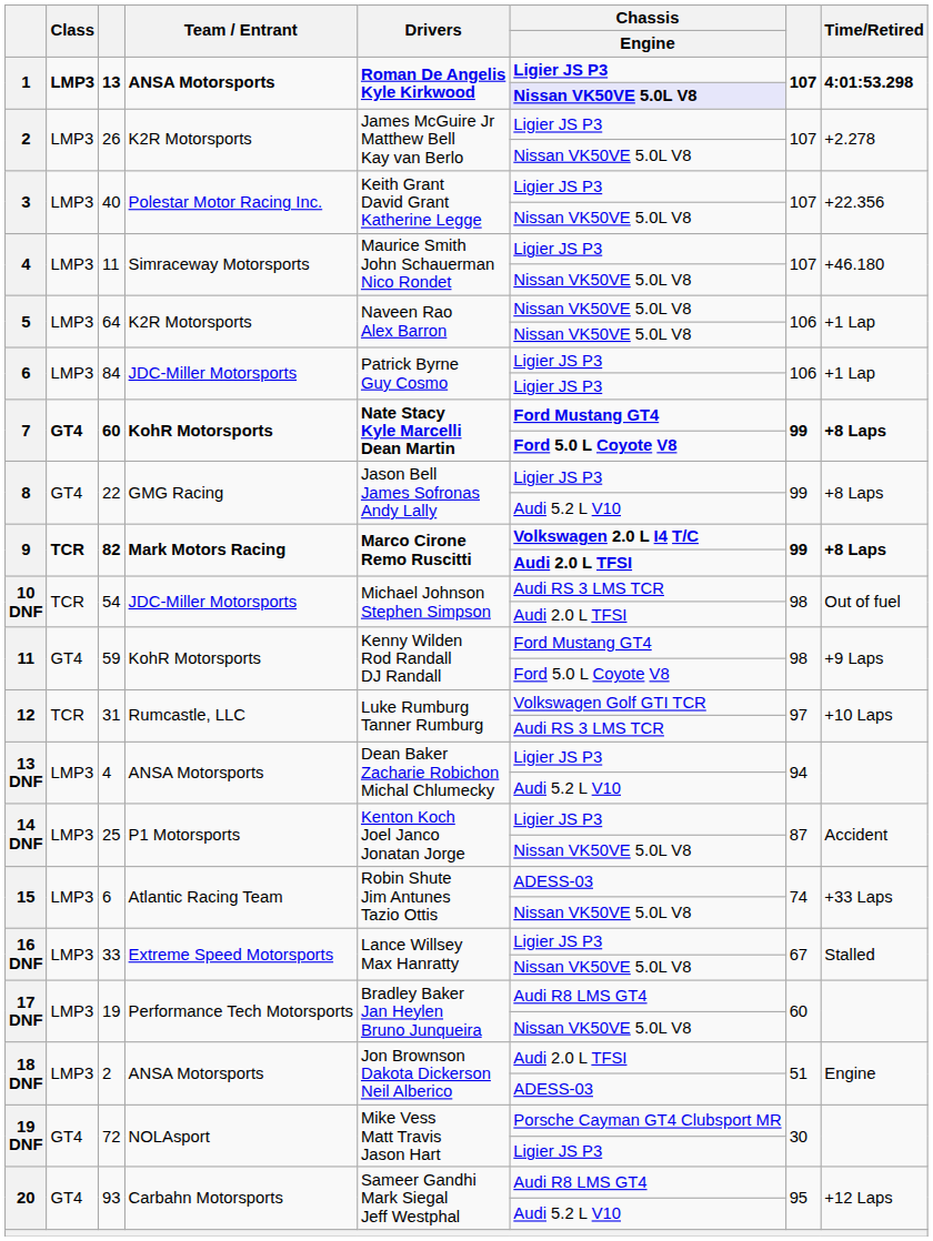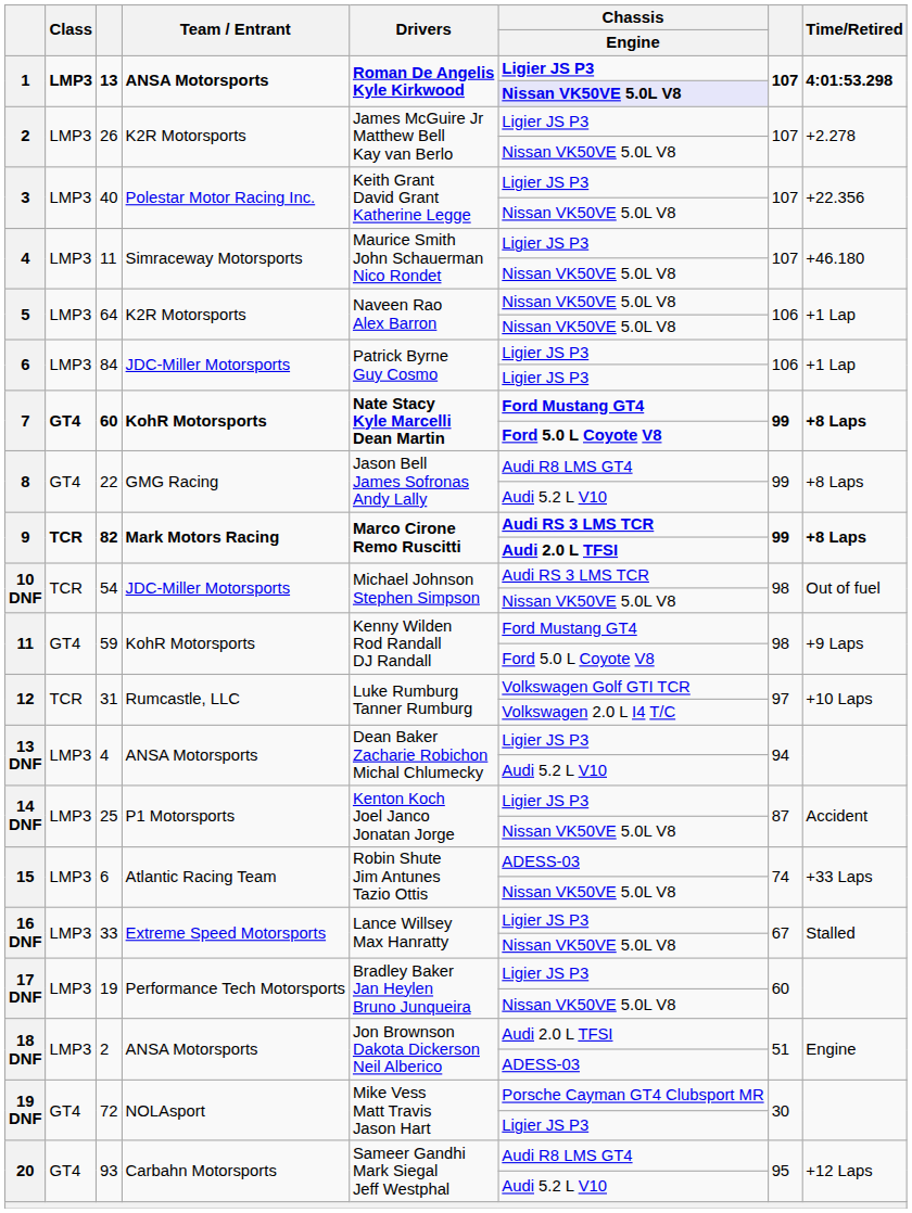 <table class="wikitable" style="font-size: 85%;">
 <tr>
 <th rowspan="2"></th>
 <th rowspan="2">Class</th>
 <th rowspan="2" class="unsortable"></th>
 <th rowspan="2" class="unsortable">Team / Entrant</th>
 <th rowspan="2" class="unsortable">Drivers</th>
 <th scope="col" class="unsortable">Chassis</th>
 <th rowspan="2" class="unsortable"></th>
 <th rowspan="2" class="unsortable">Time/Retired</th>
 </tr>
 <tr>
 <th>Engine</th>
 </tr>
 <tr style="font-weight:bold">
 <th rowspan=2>1</th>
 <td rowspan=2>LMP3</td>
 <td rowspan=2>13</td>
 <td rowspan=2> ANSA Motorsports</td>
 <td rowspan=2> <a href='#'>Roman De Angelis</a><br> <a href='#'>Kyle Kirkwood</a></td>
 <td><a href='#'>Ligier JS P3</a></td>
 <td rowspan=2>107</td>
 <td rowspan=2>4:01:53.298</td>
 </tr>
 <tr style="font-weight:bold">
 <td style="background: lavender;"><a href='#'>Nissan VK50VE</a> 5.0L V8</td>
 </tr>
 <tr>
 <th rowspan=2>2</th>
 <td rowspan=2>LMP3</td>
 <td rowspan=2>26</td>
 <td rowspan=2> K2R Motorsports</td>
 <td rowspan=2> James McGuire Jr<br> Matthew Bell<br> Kay van Berlo</td>
 <td><a href='#'>Ligier JS P3</a></td>
 <td rowspan=2>107</td>
 <td rowspan=2>+2.278</td>
 </tr>
 <tr>
 <td><a href='#'>Nissan VK50VE</a> 5.0L V8</td>
 </tr>
 <tr>
 <th rowspan=2>3</th>
 <td rowspan=2>LMP3</td>
 <td rowspan=2>40</td>
 <td rowspan=2> <a href='#'>Polestar Motor Racing Inc.</a></td>
 <td rowspan=2> Keith Grant<br> David Grant<br> <a href='#'>Katherine Legge</a></td>
 <td><a href='#'>Ligier JS P3</a></td>
 <td rowspan=2>107</td>
 <td rowspan=2>+22.356</td>
 </tr>
 <tr>
 <td><a href='#'>Nissan VK50VE</a> 5.0L V8</td>
 </tr>
 <tr>
 <th rowspan=2>4</th>
 <td rowspan=2>LMP3</td>
 <td rowspan=2>11</td>
 <td rowspan=2> Simraceway Motorsports</td>
 <td rowspan=2> Maurice Smith<br> John Schauerman<br> <a href='#'>Nico Rondet</a></td>
 <td><a href='#'>Ligier JS P3</a></td>
 <td rowspan=2>107</td>
 <td rowspan=2>+46.180</td>
 </tr>
 <tr>
 <td><a href='#'>Nissan VK50VE</a> 5.0L V8</td>
 </tr>
 <tr>
 <th rowspan=2>5</th>
 <td rowspan=2>LMP3</td>
 <td rowspan=2>64</td>
 <td rowspan=2> K2R Motorsports</td>
 <td rowspan=2> Naveen Rao<br> <a href='#'>Alex Barron</a></td>
 <td><a href='#'>Nissan VK50VE</a> 5.0L V8</td>
 <td rowspan=2>106</td>
 <td rowspan=2>+1 Lap</td>
 </tr>
 <tr>
 <td><a href='#'>Nissan VK50VE</a> 5.0L V8</td>
 </tr>
 <tr>
 <th rowspan=2>6</th>
 <td rowspan=2>LMP3</td>
 <td rowspan=2>84</td>
 <td rowspan=2> <a href='#'>JDC-Miller Motorsports</a></td>
 <td rowspan=2> Patrick Byrne<br> <a href='#'>Guy Cosmo</a></td>
 <td><a href='#'>Ligier JS P3</a></td>
 <td rowspan=2>106</td>
 <td rowspan=2>+1 Lap</td>
 </tr>
 <tr>
 <td><a href='#'>Ligier JS P3</a></td>
 </tr>
 <tr style="font-weight:bold">
 <th rowspan=2>7</th>
 <td rowspan=2>GT4</td>
 <td rowspan=2>60</td>
 <td rowspan=2> KohR Motorsports</td>
 <td rowspan=2> Nate Stacy<br> <a href='#'>Kyle Marcelli</a><br> Dean Martin</td>
 <td><a href='#'>Ford Mustang GT4</a></td>
 <td rowspan=2>99</td>
 <td rowspan=2>+8 Laps</td>
 </tr>
 <tr style="font-weight:bold">
 <td><a href='#'>Ford</a> 5.0 L <a href='#'>Coyote</a> <a href='#'>V8</a></td>
 </tr>
 <tr>
 <th rowspan=2>8</th>
 <td rowspan=2>GT4</td>
 <td rowspan=2>22</td>
 <td rowspan=2> GMG Racing</td>
 <td rowspan=2> Jason Bell<br> <a href='#'>James Sofronas</a><br> <a href='#'>Andy Lally</a></td>
-<td><a href='#'>Ligier JS P3</a></td>
+<td><a href='#'>Audi R8 LMS GT4</a></td>
 <td rowspan=2>99</td>
 <td rowspan=2>+8 Laps</td>
 </tr>
 <tr>
 <td><a href='#'>Audi</a> 5.2 L <a href='#'>V10</a></td>
 </tr>
 <tr style="font-weight:bold">
 <th rowspan=2>9</th>
 <td rowspan=2>TCR</td>
 <td rowspan=2>82</td>
 <td rowspan=2> Mark Motors Racing</td>
 <td rowspan=2> Marco Cirone<br> Remo Ruscitti</td>
-<td><a href='#'>Volkswagen</a> 2.0 L <a href='#'>I4</a> <a href='#'>T/C</a></td>
+<td><a href='#'>Audi RS 3 LMS TCR</a></td>
 <td rowspan=2>99</td>
 <td rowspan=2>+8 Laps</td>
 </tr>
 <tr style="font-weight:bold">
 <td><a href='#'>Audi</a> 2.0 L <a href='#'>TFSI</a></td>
 </tr>
 <tr>
 <th rowspan=2>10<br>DNF</th>
 <td rowspan=2>TCR</td>
 <td rowspan=2>54</td>
 <td rowspan=2> <a href='#'>JDC-Miller Motorsports</a></td>
 <td rowspan=2> Michael Johnson<br> <a href='#'>Stephen Simpson</a></td>
 <td><a href='#'>Audi RS 3 LMS TCR</a></td>
 <td rowspan=2>98</td>
 <td rowspan=2>Out of fuel</td>
 </tr>
 <tr>
-<td><a href='#'>Audi</a> 2.0 L <a href='#'>TFSI</a></td>
+<td><a href='#'>Nissan VK50VE</a> 5.0L V8</td>
 </tr>
 <tr>
 <th rowspan=2>11</th>
 <td rowspan=2>GT4</td>
 <td rowspan=2>59</td>
 <td rowspan=2> KohR Motorsports</td>
 <td rowspan=2> Kenny Wilden<br> Rod Randall<br> DJ Randall</td>
 <td><a href='#'>Ford Mustang GT4</a></td>
 <td rowspan=2>98</td>
 <td rowspan=2>+9 Laps</td>
 </tr>
 <tr>
 <td><a href='#'>Ford</a> 5.0 L <a href='#'>Coyote</a> <a href='#'>V8</a></td>
 </tr>
 <tr>
 <th rowspan=2>12</th>
 <td rowspan=2>TCR</td>
 <td rowspan=2>31</td>
 <td rowspan=2> Rumcastle, LLC</td>
 <td rowspan=2> Luke Rumburg<br> Tanner Rumburg</td>
 <td><a href='#'>Volkswagen Golf GTI TCR</a></td>
 <td rowspan=2>97</td>
 <td rowspan=2>+10 Laps</td>
 </tr>
 <tr>
-<td><a href='#'>Audi RS 3 LMS TCR</a></td>
+<td><a href='#'>Volkswagen</a> 2.0 L <a href='#'>I4</a> <a href='#'>T/C</a></td>
 </tr>
 <tr>
 <th rowspan=2>13<br>DNF</th>
 <td rowspan=2>LMP3</td>
 <td rowspan=2>4</td>
 <td rowspan=2> ANSA Motorsports</td>
 <td rowspan=2> Dean Baker<br> <a href='#'>Zacharie Robichon</a><br> Michal Chlumecky</td>
 <td><a href='#'>Ligier JS P3</a></td>
 <td rowspan=2>94</td>
 <td rowspan=2></td>
 </tr>
 <tr>
 <td><a href='#'>Audi</a> 5.2 L <a href='#'>V10</a></td>
 </tr>
 <tr>
 <th rowspan=2>14<br>DNF</th>
 <td rowspan=2>LMP3</td>
 <td rowspan=2>25</td>
 <td rowspan=2> P1 Motorsports</td>
 <td rowspan=2> <a href='#'>Kenton Koch</a><br> Joel Janco<br> Jonatan Jorge</td>
 <td><a href='#'>Ligier JS P3</a></td>
 <td rowspan=2>87</td>
 <td rowspan=2>Accident</td>
 </tr>
 <tr>
 <td><a href='#'>Nissan VK50VE</a> 5.0L V8</td>
 </tr>
 <tr>
 <th rowspan=2>15</th>
 <td rowspan=2>LMP3</td>
 <td rowspan=2>6</td>
 <td rowspan=2> Atlantic Racing Team</td>
 <td rowspan=2> Robin Shute<br> Jim Antunes<br> Tazio Ottis</td>
 <td><a href='#'>ADESS-03</a></td>
 <td rowspan=2>74</td>
 <td rowspan=2>+33 Laps</td>
 </tr>
 <tr>
 <td><a href='#'>Nissan VK50VE</a> 5.0L V8</td>
 </tr>
 <tr>
 <th rowspan=2>16<br>DNF</th>
 <td rowspan=2>LMP3</td>
 <td rowspan=2>33</td>
 <td rowspan=2> <a href='#'>Extreme Speed Motorsports</a></td>
 <td rowspan=2> Lance Willsey<br> Max Hanratty</td>
 <td><a href='#'>Ligier JS P3</a></td>
 <td rowspan=2>67</td>
 <td rowspan=2>Stalled</td>
 </tr>
 <tr>
 <td><a href='#'>Nissan VK50VE</a> 5.0L V8</td>
 </tr>
 <tr>
 <th rowspan=2>17<br>DNF</th>
 <td rowspan=2>LMP3</td>
 <td rowspan=2>19</td>
 <td rowspan=2> Performance Tech Motorsports</td>
 <td rowspan=2> Bradley Baker<br> <a href='#'>Jan Heylen</a><br> <a href='#'>Bruno Junqueira</a></td>
-<td><a href='#'>Audi R8 LMS GT4</a></td>
+<td><a href='#'>Ligier JS P3</a></td>
 <td rowspan=2>60</td>
 <td rowspan=2></td>
 </tr>
 <tr>
 <td><a href='#'>Nissan VK50VE</a> 5.0L V8</td>
 </tr>
 <tr>
 <th rowspan=2>18<br>DNF</th>
 <td rowspan=2>LMP3</td>
 <td rowspan=2>2</td>
 <td rowspan=2> ANSA Motorsports</td>
 <td rowspan=2> Jon Brownson<br> <a href='#'>Dakota Dickerson</a><br> <a href='#'>Neil Alberico</a></td>
 <td><a href='#'>Audi</a> 2.0 L <a href='#'>TFSI</a></td>
 <td rowspan=2>51</td>
 <td rowspan=2>Engine</td>
 </tr>
 <tr>
 <td><a href='#'>ADESS-03</a></td>
 </tr>
 <tr>
 <th rowspan=2>19<br>DNF</th>
 <td rowspan=2>GT4</td>
 <td rowspan=2>72</td>
 <td rowspan=2> NOLAsport</td>
 <td rowspan=2> Mike Vess<br> Matt Travis<br> Jason Hart</td>
 <td><a href='#'>Porsche Cayman GT4 Clubsport MR</a></td>
 <td rowspan=2>30</td>
 <td rowspan=2></td>
 </tr>
 <tr>
 <td><a href='#'>Ligier JS P3</a></td>
 </tr>
 <tr>
 <th rowspan=2>20</th>
 <td rowspan=2>GT4</td>
 <td rowspan=2>93</td>
 <td rowspan=2> Carbahn Motorsports</td>
 <td rowspan=2> Sameer Gandhi<br> Mark Siegal<br> Jeff Westphal</td>
 <td><a href='#'>Audi R8 LMS GT4</a></td>
 <td rowspan=2>95</td>
 <td rowspan=2>+12 Laps</td>
 </tr>
 <tr>
 <td><a href='#'>Audi</a> 5.2 L <a href='#'>V10</a></td>
 </tr>
 <tr>
 <th colspan=8></th>
 </tr>
 </table>
